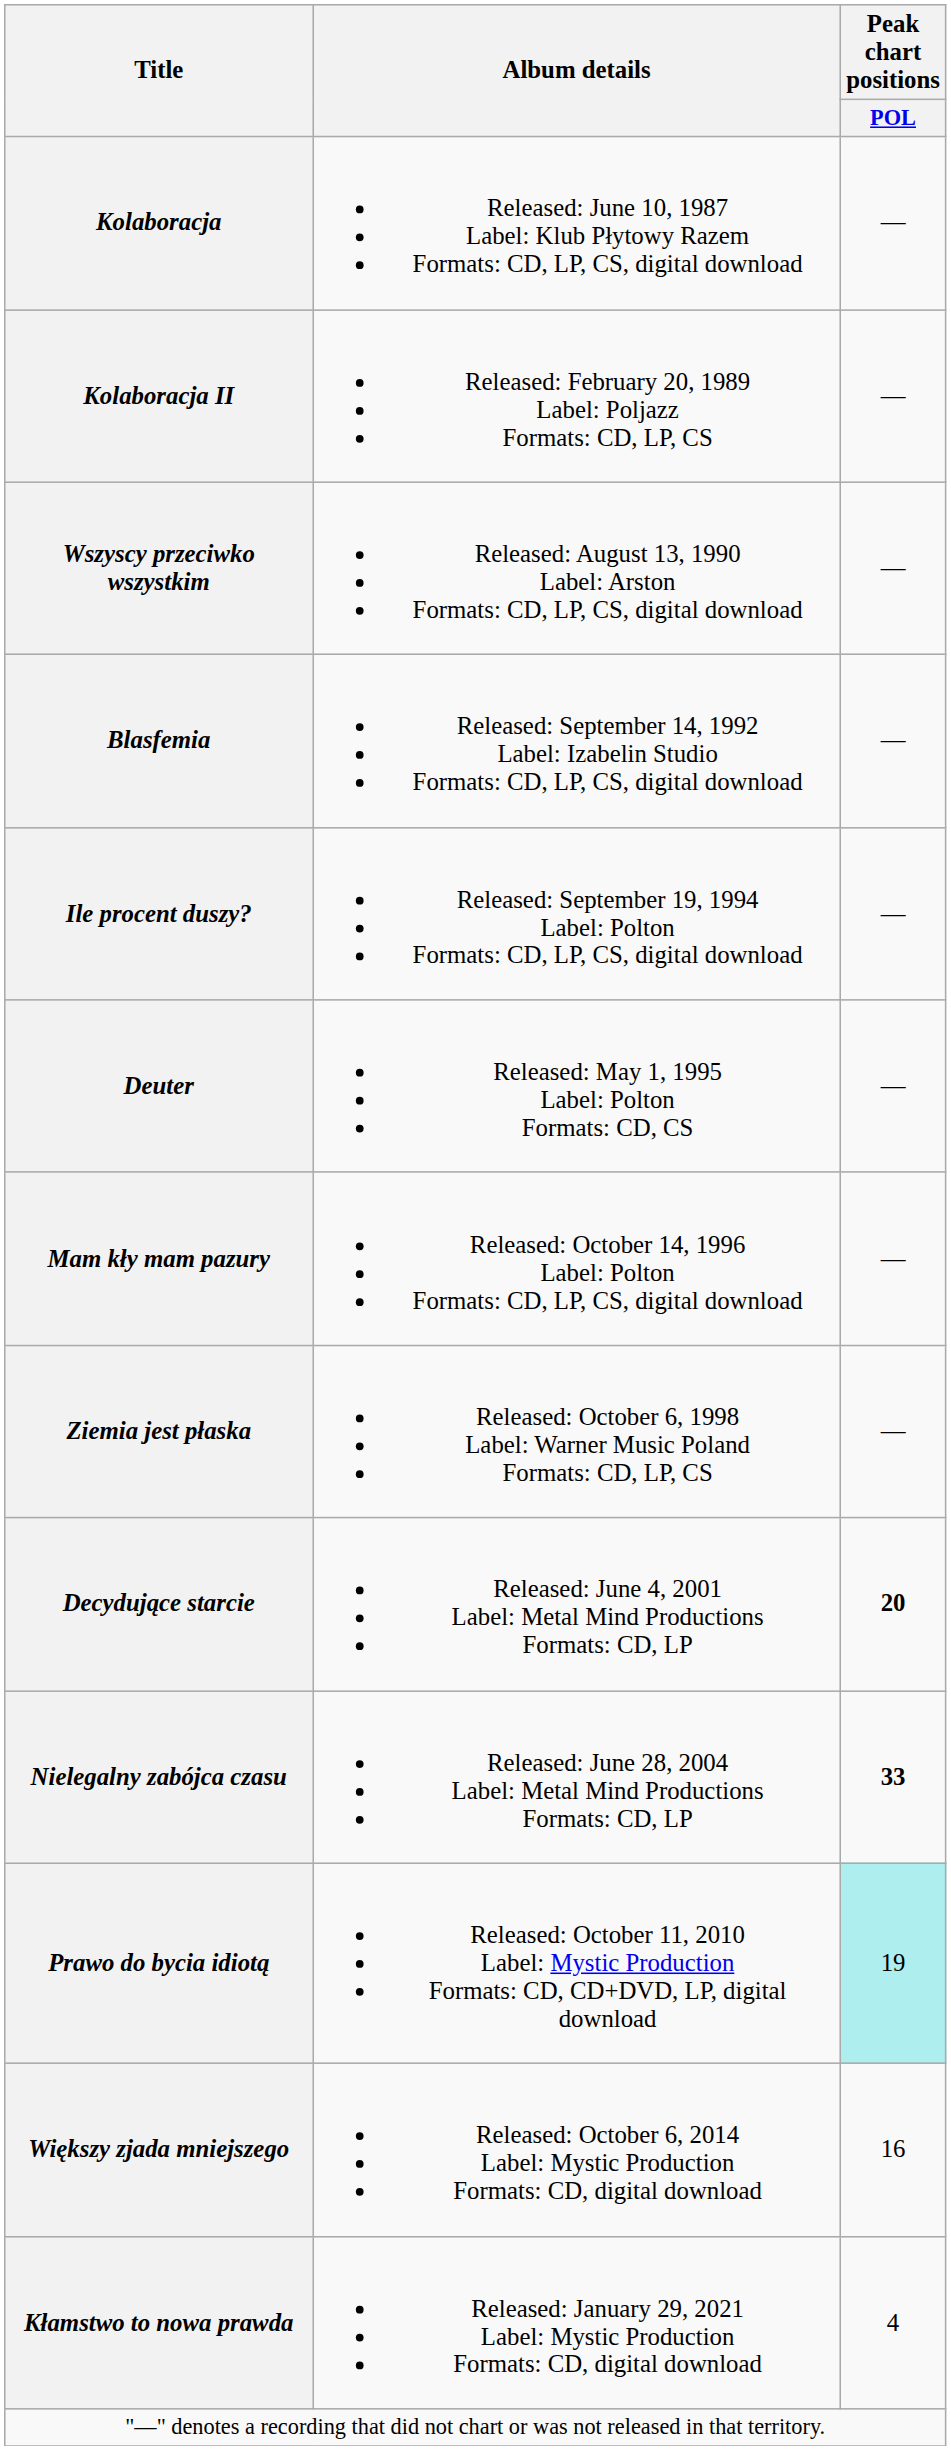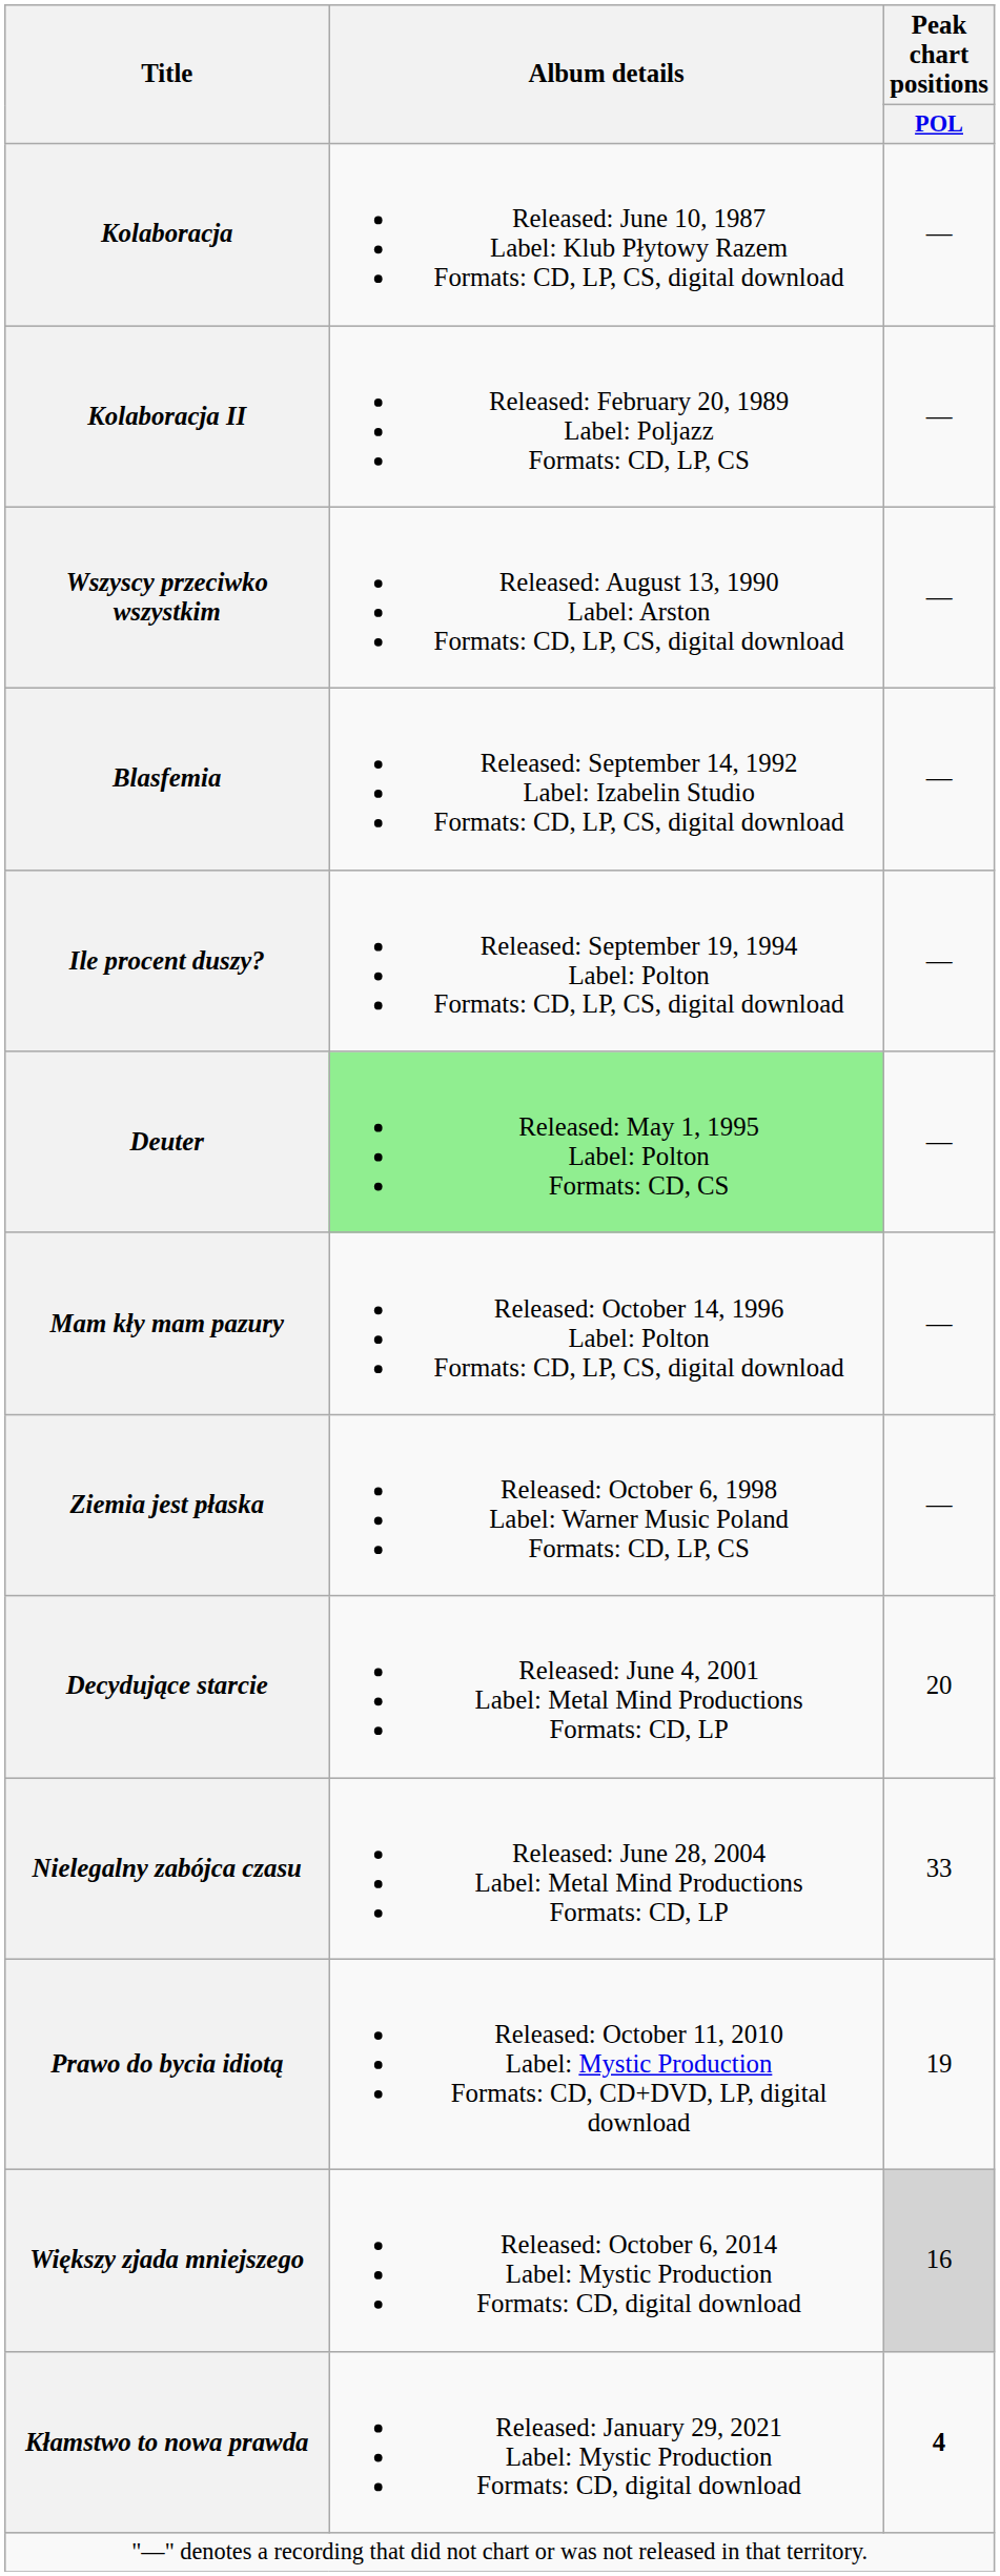 <table class="wikitable plainrowheaders" style="text-align:center;">
 <tr>
 <th scope="col" rowspan="2">Title</th>
 <th scope="col" rowspan="2">Album details</th>
 <th scope="col">Peak chart positions</th>
 </tr>
 <tr>
 <th scope="col" style="width:3em;font-size:90%;"><a href='#'>POL</a><br></th>
 </tr>
 <tr>
 <th scope="row"><em>Kolaboracja</em></th>
 <td><br><ul><li>Released: June 10, 1987</li><li>Label: Klub Płytowy Razem</li><li>Formats: CD, LP, CS, digital download</li></ul></td>
 <td>—</td>
 </tr>
 <tr>
 <th scope="row"><em>Kolaboracja II</em></th>
 <td><br><ul><li>Released: February 20, 1989</li><li>Label: Poljazz</li><li>Formats: CD, LP, CS</li></ul></td>
 <td>—</td>
 </tr>
 <tr>
 <th scope="row"><em>Wszyscy przeciwko wszystkim</em></th>
 <td><br><ul><li>Released: August 13, 1990</li><li>Label: Arston</li><li>Formats: CD, LP, CS, digital download</li></ul></td>
 <td>—</td>
 </tr>
 <tr>
 <th scope="row"><em>Blasfemia</em></th>
 <td><br><ul><li>Released: September 14, 1992</li><li>Label: Izabelin Studio</li><li>Formats: CD, LP, CS, digital download</li></ul></td>
 <td>—</td>
 </tr>
 <tr>
 <th scope="row"><em>Ile procent duszy?</em></th>
 <td><br><ul><li>Released: September 19, 1994</li><li>Label: Polton</li><li>Formats: CD, LP, CS, digital download</li></ul></td>
 <td>—</td>
 </tr>
 <tr>
 <th scope="row"><em>Deuter</em></th>
-<td><br><ul><li>Released: May 1, 1995</li><li>Label: Polton</li><li>Formats: CD, CS</li></ul></td>
+<td style="background: lightgreen;"><br><ul><li>Released: May 1, 1995</li><li>Label: Polton</li><li>Formats: CD, CS</li></ul></td>
 <td>—</td>
 </tr>
 <tr>
 <th scope="row"><em>Mam kły mam pazury</em></th>
 <td><br><ul><li>Released: October 14, 1996</li><li>Label: Polton</li><li>Formats: CD, LP, CS, digital download</li></ul></td>
 <td>—</td>
 </tr>
 <tr>
 <th scope="row"><em>Ziemia jest płaska</em></th>
 <td><br><ul><li>Released: October 6, 1998</li><li>Label: Warner Music Poland</li><li>Formats: CD, LP, CS</li></ul></td>
 <td>—</td>
 </tr>
 <tr>
 <th scope="row"><em>Decydujące starcie</em></th>
 <td><br><ul><li>Released: June 4, 2001</li><li>Label: Metal Mind Productions</li><li>Formats: CD, LP</li></ul></td>
-<td><strong>20</strong></td>
+<td>20</td>
 </tr>
 <tr>
 <th scope="row"><em>Nielegalny zabójca czasu</em></th>
 <td><br><ul><li>Released: June 28, 2004</li><li>Label: Metal Mind Productions</li><li>Formats: CD, LP</li></ul></td>
-<td><strong>33</strong></td>
+<td>33</td>
 </tr>
 <tr>
 <th scope="row"><em>Prawo do bycia idiotą</em></th>
 <td><br><ul><li>Released: October 11, 2010</li><li>Label: <a href='#'>Mystic Production</a></li><li>Formats: CD, CD+DVD, LP, digital download</li></ul></td>
-<td style="background: paleturquoise;">19</td>
+<td>19</td>
 </tr>
 <tr>
 <th scope="row"><em>Większy zjada mniejszego</em></th>
 <td><br><ul><li>Released: October 6, 2014</li><li>Label: Mystic Production</li><li>Formats: CD, digital download</li></ul></td>
-<td>16</td>
+<td style="background: lightgrey;">16</td>
 </tr>
 <tr>
 <th scope="row"><em>Kłamstwo to nowa prawda</em></th>
 <td><br><ul><li>Released: January 29, 2021</li><li>Label: Mystic Production</li><li>Formats: CD, digital download</li></ul></td>
-<td>4</td>
+<td><strong>4</strong></td>
 </tr>
 <tr>
 <td colspan="10" style="font-size:90%">"—" denotes a recording that did not chart or was not released in that territory.</td>
 </tr>
 </table>
